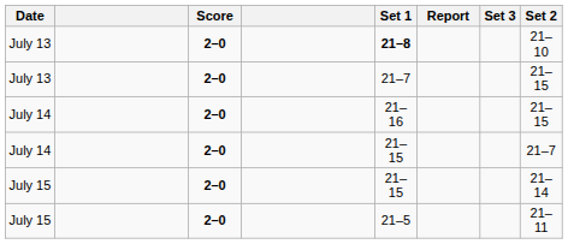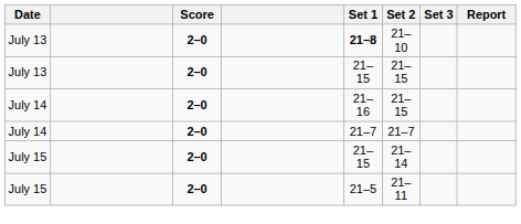 <table class="wikitable" style="text-align: center; font-size:90% ">
 <tr>
 <th width="60">Date</th>
 <th align="right" width="250"></th>
 <th width="60">Score</th>
 <th align="left" width="250"></th>
 <th width="50">Set 1</th>
+<th width="50">Set 2</th>
+<th width="50">Set 3</th>
 <th width="75">Report</th>
-<th width="50">Set 3</th>
-<th width="50">Set 2</th>
 </tr>
 <tr>
 <td>July 13</td>
 <td align=left><strong></strong></td>
 <td align=center><strong>2–0</strong></td>
 <td align=left></td>
 <td><strong>21–8</strong></td>
+<td>21–10</td>
 <td></td>
 <td></td>
-<td>21–10</td>
 </tr>
 <tr>
 <td>July 13</td>
 <td align=left><strong></strong></td>
 <td align=center><strong>2–0</strong></td>
 <td align=left></td>
-<td>21–7</td>
+<td>21–15</td>
+<td>21–15</td>
 <td></td>
 <td></td>
-<td>21–15</td>
 </tr>
 <tr>
 <td>July 14</td>
 <td align=left><strong></strong></td>
 <td align=center><strong>2–0</strong></td>
 <td align=left></td>
 <td>21–16</td>
+<td>21–15</td>
 <td></td>
 <td></td>
-<td>21–15</td>
 </tr>
 <tr>
 <td>July 14</td>
 <td align=left><strong></strong></td>
 <td align=center><strong>2–0</strong></td>
 <td align=left></td>
-<td>21–15</td>
+<td>21–7</td>
+<td>21–7</td>
 <td></td>
 <td></td>
-<td>21–7</td>
 </tr>
 <tr>
 <td>July 15</td>
 <td align=left><strong></strong></td>
 <td align=center><strong>2–0</strong></td>
 <td align=left></td>
 <td>21–15</td>
+<td>21–14</td>
 <td></td>
 <td></td>
-<td>21–14</td>
 </tr>
 <tr>
 <td>July 15</td>
 <td align=left><strong></strong></td>
 <td align=center><strong>2–0</strong></td>
 <td align=left></td>
 <td>21–5</td>
+<td>21–11</td>
 <td></td>
 <td></td>
-<td>21–11</td>
 </tr>
 </table>
